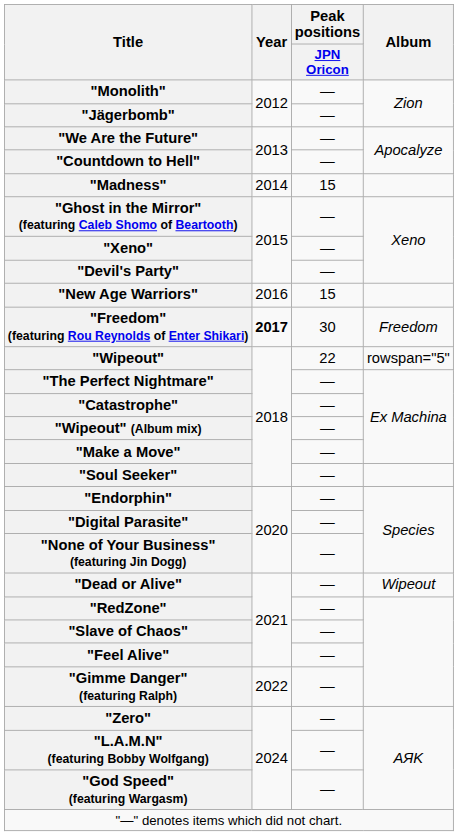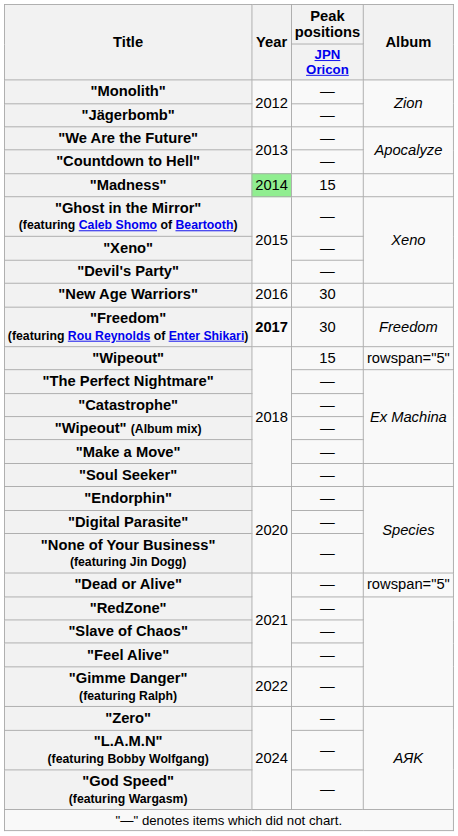 <table class="wikitable plainrowheaders" style="text-align:center;">
 <tr>
 <th rowspan="2">Title</th>
 <th rowspan="2">Year</th>
 <th colspan="1">Peak positions</th>
 <th rowspan="2">Album</th>
 </tr>
 <tr>
 <th scope="col" style="width:4em;font-size:90%;"><a href='#'>JPN<br>Oricon</a><br></th>
 </tr>
 <tr>
 <th scope="row">"Monolith"</th>
 <td rowspan="2">2012</td>
 <td>—</td>
 <td rowspan="2"><em>Zion</em></td>
 </tr>
 <tr>
 <th scope="row">"Jägerbomb"</th>
 <td>—</td>
 </tr>
 <tr>
 <th scope="row">"We Are the Future"</th>
 <td rowspan="2">2013</td>
 <td>—</td>
 <td rowspan="2"><em>Apocalyze</em></td>
 </tr>
 <tr>
 <th scope="row">"Countdown to Hell"</th>
 <td>—</td>
 </tr>
 <tr>
 <th scope="row">"Madness"</th>
-<td>2014</td>
+<td style="background: lightgreen;">2014</td>
 <td>15</td>
 <td></td>
 </tr>
 <tr>
 <th scope="row">"Ghost in the Mirror"<br><small>(featuring <a href='#'>Caleb Shomo</a> of <a href='#'>Beartooth</a>)</small></th>
 <td rowspan="3">2015</td>
 <td>—</td>
 <td rowspan="3"><em>Xeno</em></td>
 </tr>
 <tr>
 <th scope="row">"Xeno"</th>
 <td>—</td>
 </tr>
 <tr>
 <th scope="row">"Devil's Party"</th>
 <td>—</td>
 </tr>
 <tr>
 <th scope="row">"New Age Warriors"</th>
 <td>2016</td>
-<td>15</td>
+<td>30</td>
 <td></td>
 </tr>
 <tr>
 <th scope="row">"Freedom"<br><small>(featuring <a href='#'>Rou Reynolds</a> of <a href='#'>Enter Shikari</a>)</small></th>
 <td><strong>2017</strong></td>
 <td>30</td>
 <td><em>Freedom</em></td>
 </tr>
 <tr>
 <th scope="row">"Wipeout"</th>
 <td rowspan="6">2018</td>
-<td>22</td>
+<td>15</td>
 <td>rowspan="5" </td>
 </tr>
 <tr>
 <th scope="row">"The Perfect Nightmare"</th>
 <td>—</td>
 <td rowspan="4"><em>Ex Machina</em></td>
 </tr>
 <tr>
 <th scope="row">"Catastrophe"</th>
 <td>—</td>
 </tr>
 <tr>
 <th scope="row">"Wipeout" <small>(Album mix)</small></th>
 <td>—</td>
 </tr>
 <tr>
 <th scope="row">"Make a Move"</th>
 <td>—</td>
 </tr>
 <tr>
 <th scope="row">"Soul Seeker"</th>
 <td>—</td>
 <td></td>
 </tr>
 <tr>
 <th scope="row">"Endorphin"</th>
 <td rowspan="3">2020</td>
 <td>—</td>
 <td rowspan="3"><em>Species</em></td>
 </tr>
 <tr>
 <th scope="row">"Digital Parasite"</th>
 <td>—</td>
 </tr>
 <tr>
 <th scope="row">"None of Your Business"<br><small>(featuring Jin Dogg)</small></th>
 <td>—</td>
 </tr>
 <tr>
 <th scope="row">"Dead or Alive"</th>
 <td rowspan="4">2021</td>
 <td>—</td>
-<td><em>Wipeout</em></td>
+<td>rowspan="5" </td>
 </tr>
 <tr>
 <th scope="row">"RedZone"</th>
 <td>—</td>
 </tr>
 <tr>
 <th scope="row">"Slave of Chaos"</th>
 <td>—</td>
 </tr>
 <tr>
 <th scope="row">"Feel Alive"</th>
 <td>—</td>
 </tr>
 <tr>
 <th scope="row">"Gimme Danger"<br><small>(featuring Ralph)</small></th>
 <td>2022</td>
 <td>—</td>
 </tr>
 <tr>
 <th scope="row">"Zero"</th>
 <td rowspan="3">2024</td>
 <td>—</td>
 <td rowspan="3"><em>AЯK</em></td>
 </tr>
 <tr>
 <th scope="row">"L.A.M.N"<br><small>(featuring Bobby Wolfgang)</small></th>
 <td>—</td>
 </tr>
 <tr>
 <th scope="row">"God Speed"<br><small>(featuring Wargasm)</small></th>
 <td>—</td>
 </tr>
 <tr>
 <td colspan="4" align="center" style="font-size:90%;">"—" denotes items which did not chart.</td>
 </tr>
 </table>
